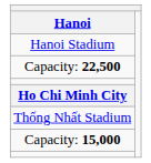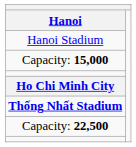 <table class="wikitable" style="text-align:center;margin:1em auto;">
 <tr>
 <th colspan="2"></th>
 </tr>
 <tr>
 <th><a href='#'>Hanoi</a></th>
 <td rowspan="8"></td>
 </tr>
 <tr>
 <td><a href='#'>Hanoi Stadium</a></td>
 </tr>
 <tr>
-<td>Capacity: <strong>22,500</strong></td>
+<td>Capacity: <strong>15,000</strong></td>
 </tr>
 <tr>
 <td></td>
 </tr>
 <tr>
 <th><a href='#'>Ho Chi Minh City</a></th>
 </tr>
 <tr>
-<td><a href='#'>Thống Nhất Stadium</a></td>
+<td><strong><a href='#'>Thống Nhất Stadium</a></strong></td>
 </tr>
 <tr>
-<td>Capacity: <strong>15,000</strong></td>
+<td>Capacity: <strong>22,500</strong></td>
 </tr>
 <tr>
 <td></td>
 </tr>
 </table>
